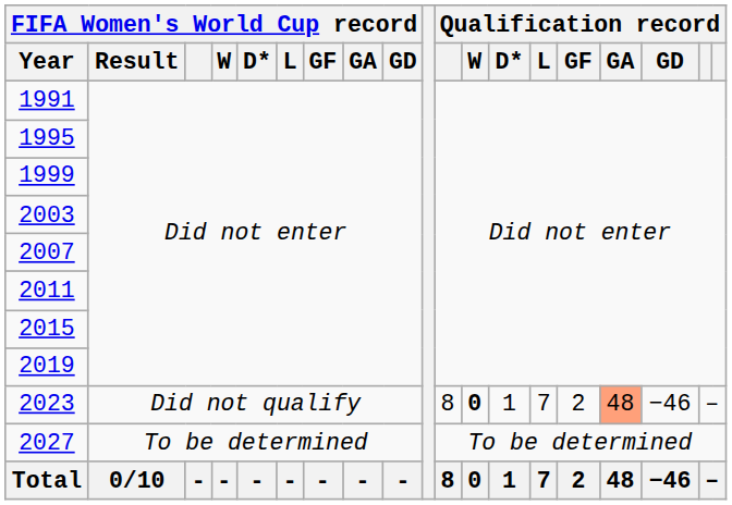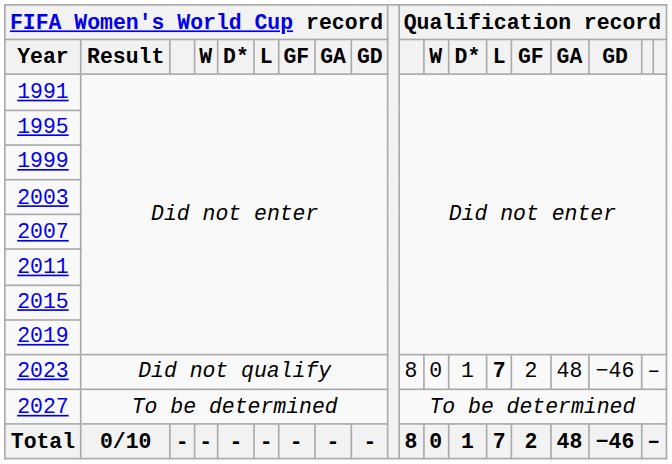 <table class="wikitable" style="text-align: center">
 <tr>
 <th colspan=9><a href='#'>FIFA Women's World Cup</a> record</th>
 <th rowspan=100></th>
 <th colspan=9>Qualification record</th>
 </tr>
 <tr>
 <th>Year</th>
 <th>Result</th>
 <th></th>
 <th>W</th>
 <th>D*</th>
 <th>L</th>
 <th>GF</th>
 <th>GA</th>
 <th>GD<br></th>
 <th></th>
 <th>W</th>
 <th>D*</th>
 <th>L</th>
 <th>GF</th>
 <th>GA</th>
 <th>GD</th>
 <th></th>
 <th></th>
 </tr>
 <tr>
 <td> <a href='#'>1991</a></td>
 <td colspan=8 rowspan=8><em>Did not enter</em></td>
 <td colspan=9 rowspan=8><em>Did not enter</em></td>
 </tr>
 <tr>
 <td> <a href='#'>1995</a></td>
 </tr>
 <tr>
 <td> <a href='#'>1999</a></td>
 </tr>
 <tr>
 <td> <a href='#'>2003</a></td>
 </tr>
 <tr>
 <td> <a href='#'>2007</a></td>
 </tr>
 <tr>
 <td> <a href='#'>2011</a></td>
 </tr>
 <tr>
 <td> <a href='#'>2015</a></td>
 </tr>
 <tr>
 <td> <a href='#'>2019</a></td>
 </tr>
 <tr>
 <td> <a href='#'>2023</a></td>
 <td colspan=8><em>Did not qualify</em></td>
 <td>8</td>
-<td><strong>0</strong></td>
+<td>0</td>
 <td>1</td>
-<td>7</td>
+<td><strong>7</strong></td>
 <td>2</td>
-<td style="background: lightsalmon;">48</td>
+<td>48</td>
 <td>−46</td>
 <td colspan=2>–</td>
 </tr>
 <tr>
 <td> <a href='#'>2027</a></td>
 <td colspan=8><em>To be determined</em></td>
 <td colspan=9><em>To be determined</em></td>
 </tr>
 <tr>
 <th>Total</th>
 <th>0/10</th>
 <th>-</th>
 <th>-</th>
 <th>-</th>
 <th>-</th>
 <th>-</th>
 <th>-</th>
 <th>-</th>
 <th>8</th>
 <th>0</th>
 <th>1</th>
 <th>7</th>
 <th>2</th>
 <th>48</th>
 <th>−46</th>
 <th colspan=2>–</th>
 </tr>
 </table>
